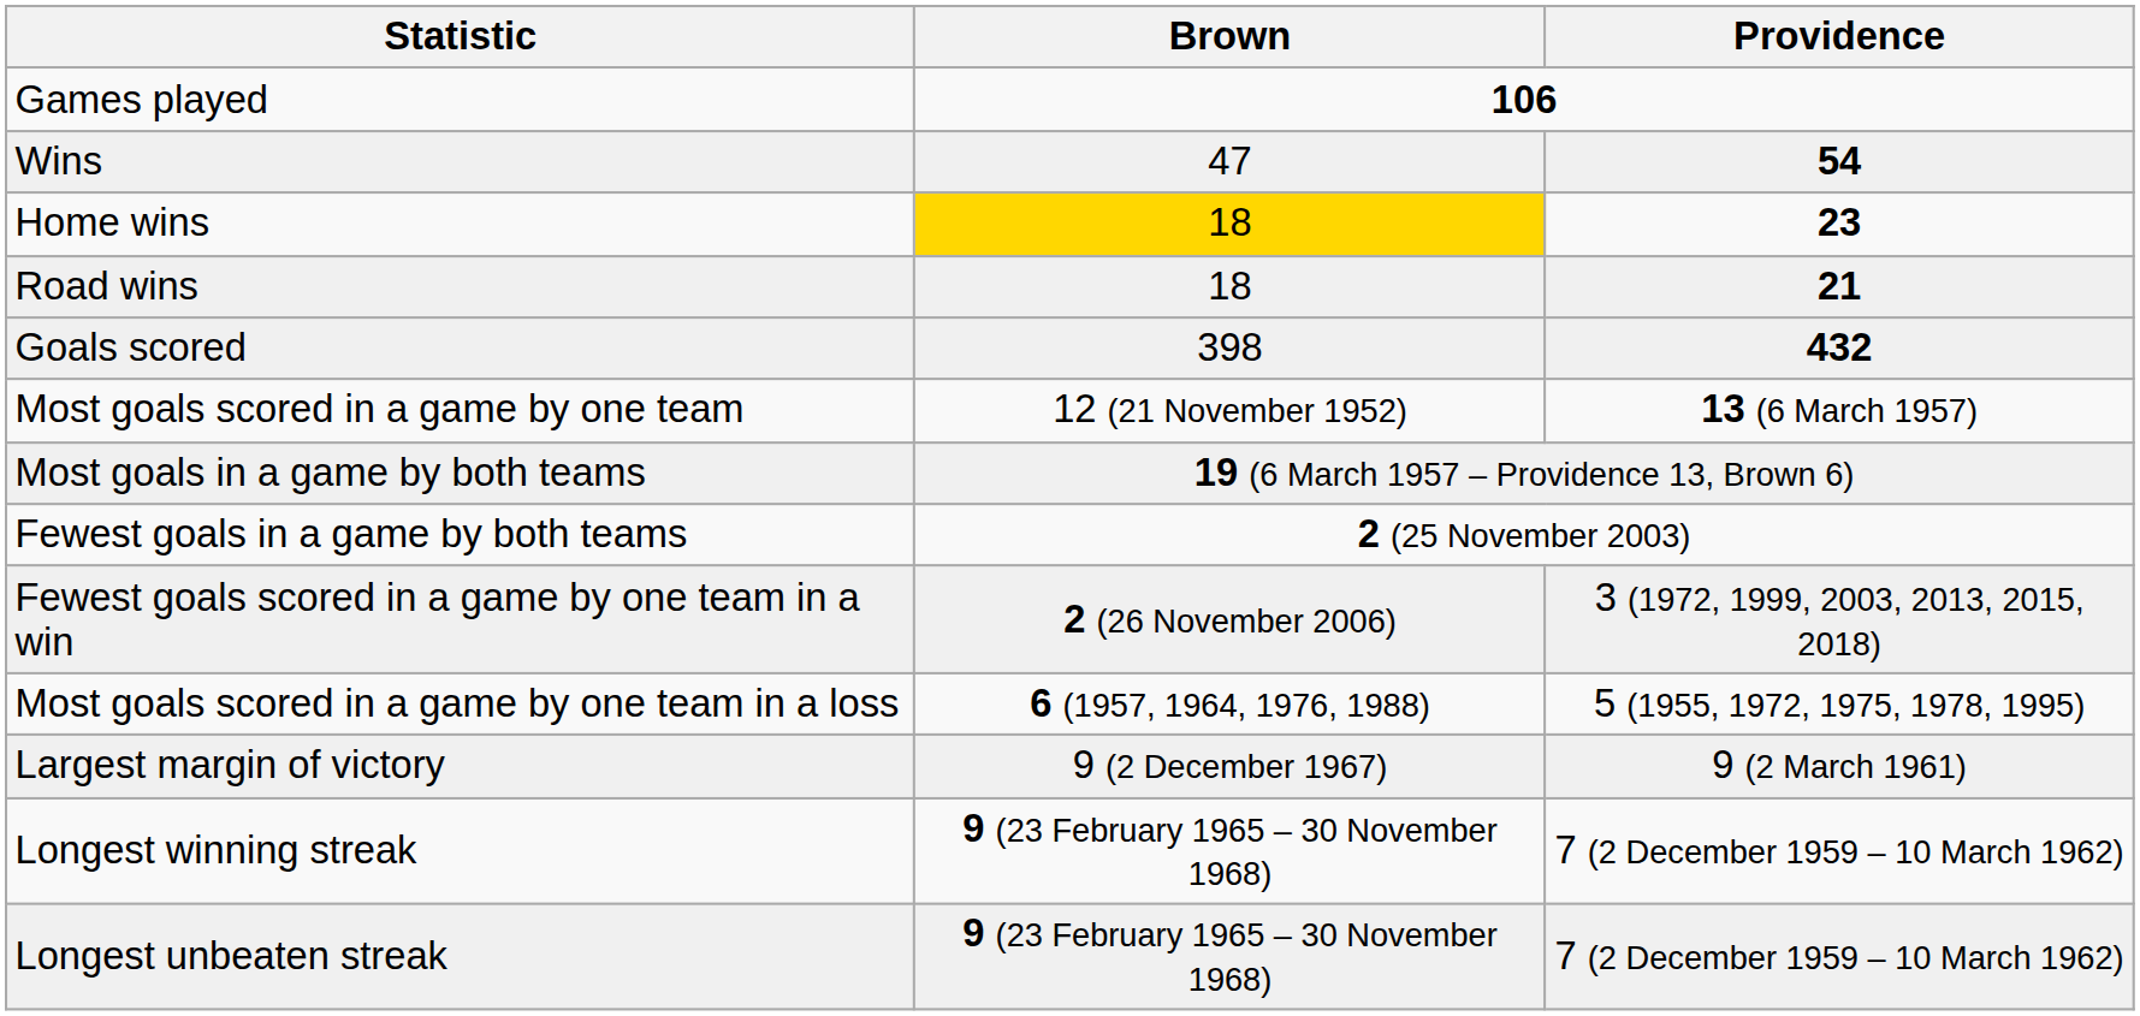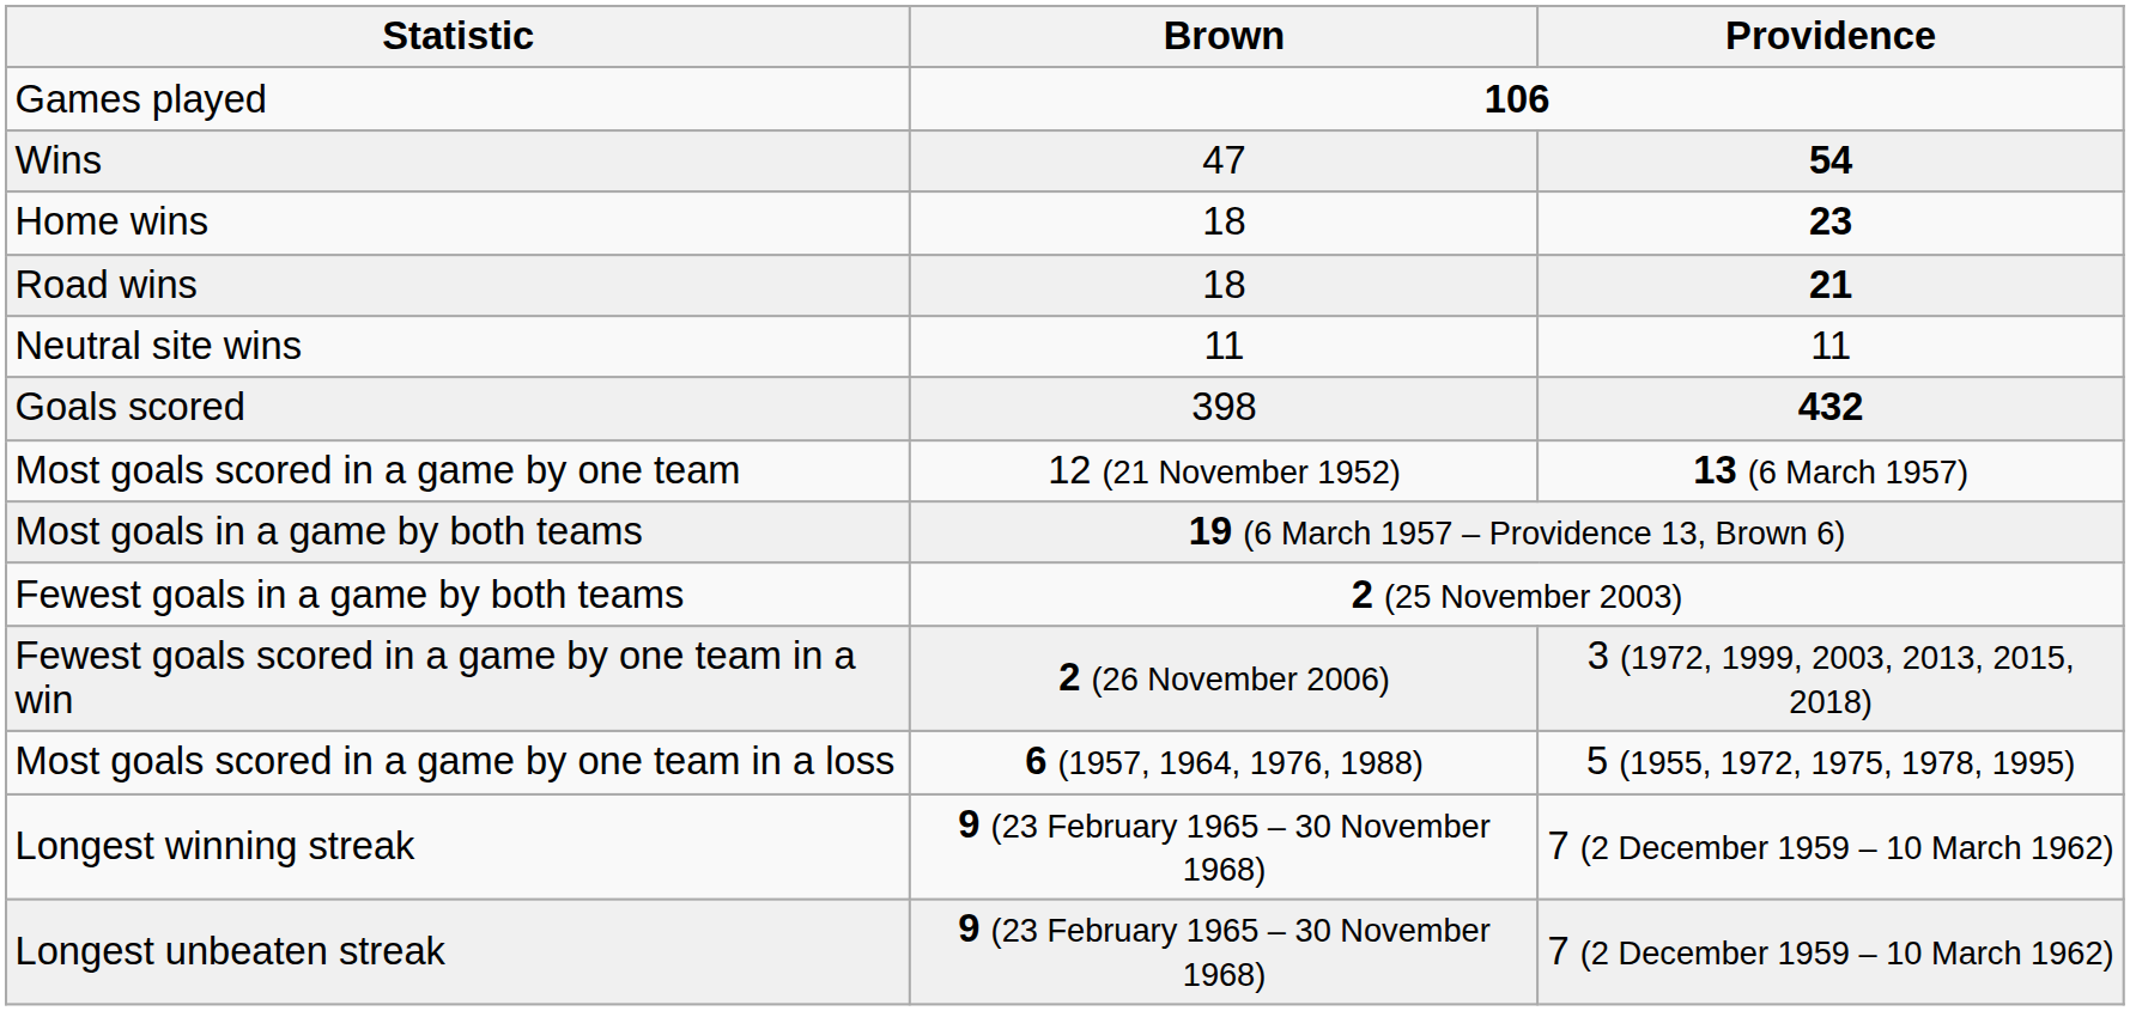 <table class="wikitable">
 <tr>
 <th>Statistic</th>
 <th>Brown</th>
 <th>Providence</th>
 </tr>
 <tr>
 <td>Games played</td>
 <td align=center colspan=2><strong>106</strong></td>
 </tr>
 <tr bgcolor=f0f0f0>
 <td>Wins</td>
 <td align=center>47</td>
 <td align=center><strong>54</strong></td>
 </tr>
 <tr>
 <td>Home wins</td>
-<td align=center style="background: gold;">18</td>
+<td align=center>18</td>
 <td align=center><strong>23</strong></td>
 </tr>
 <tr bgcolor=f0f0f0>
 <td>Road wins</td>
 <td align=center>18</td>
 <td align=center><strong>21</strong></td>
+</tr>
+<tr>
+<td>Neutral site wins</td>
+<td align=center>11</td>
+<td align=center>11</td>
 </tr>
 <tr bgcolor=f0f0f0>
 <td>Goals scored</td>
 <td align=center>398</td>
 <td align=center><strong>432</strong></td>
 </tr>
 <tr>
 <td>Most goals scored in a game by one team</td>
 <td align=center>12 <small>(21 November 1952)</small></td>
 <td align=center><strong>13</strong> <small>(6 March 1957)</small></td>
 </tr>
 <tr bgcolor=f0f0f0>
 <td>Most goals in a game by both teams</td>
 <td align=center colspan=2><strong>19</strong> <small>(6 March 1957 – Providence 13, Brown 6)</small></td>
 </tr>
 <tr>
 <td>Fewest goals in a game by both teams</td>
 <td align=center colspan=2><strong>2</strong> <small>(25 November 2003)</small></td>
 </tr>
 <tr bgcolor=f0f0f0>
 <td>Fewest goals scored in a game by one team in a win</td>
 <td align=center><strong>2</strong> <small>(26 November 2006)</small></td>
 <td align=center>3 <small>(1972, 1999, 2003, 2013, 2015, 2018)</small></td>
 </tr>
 <tr>
 <td>Most goals scored in a game by one team in a loss</td>
 <td align=center><strong>6</strong> <small>(1957, 1964, 1976, 1988)</small></td>
 <td align=center>5 <small>(1955, 1972, 1975, 1978, 1995)</small></td>
 </tr>
-<tr bgcolor=f0f0f0>
-<td>Largest margin of victory</td>
-<td align=center>9 <small>(2 December 1967)</small></td>
-<td align=center>9 <small>(2 March 1961)</small></td>
-</tr>
 <tr>
 <td>Longest winning streak</td>
 <td align=center><strong>9</strong> <small>(23 February 1965 – 30 November 1968)</small></td>
 <td align=center>7 <small>(2 December 1959 – 10 March 1962)</small></td>
 </tr>
 <tr bgcolor=f0f0f0>
 <td>Longest unbeaten streak</td>
 <td align=center><strong>9</strong> <small>(23 February 1965 – 30 November 1968)</small></td>
 <td align=center>7 <small>(2 December 1959 – 10 March 1962)</small></td>
 </tr>
 </table>
